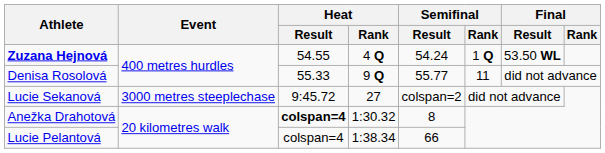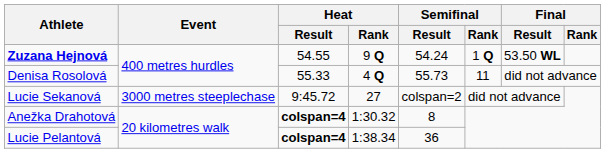 <table class="wikitable" style="font-size:90%">
 <tr>
 <th rowspan="2">Athlete</th>
 <th rowspan="2">Event</th>
 <th colspan="2">Heat</th>
 <th colspan="2">Semifinal</th>
 <th colspan="2">Final</th>
 </tr>
 <tr style="font-size:95%">
 <th>Result</th>
 <th>Rank</th>
 <th>Result</th>
 <th>Rank</th>
 <th>Result</th>
 <th>Rank</th>
 </tr>
 <tr style=text-align:center>
 <td style=text-align:left><strong><a href='#'>Zuzana Hejnová</a></strong></td>
 <td style=text-align:left rowspan=2><a href='#'>400 metres hurdles</a></td>
 <td>54.55</td>
-<td>4 <strong>Q</strong></td>
+<td>9 <strong>Q</strong></td>
 <td>54.24</td>
 <td>1 <strong>Q</strong></td>
 <td>53.50 <strong>WL</strong></td>
 <td></td>
 </tr>
 <tr style=text-align:center>
 <td style=text-align:left><a href='#'>Denisa Rosolová</a></td>
 <td>55.33</td>
-<td>9 <strong>Q</strong></td>
-<td>55.77</td>
+<td>4 <strong>Q</strong></td>
+<td>55.73</td>
 <td>11</td>
 <td colspan=2>did not advance</td>
 </tr>
 <tr style=text-align:center>
 <td style=text-align:left><a href='#'>Lucie Sekanová</a></td>
 <td style=text-align:left><a href='#'>3000 metres steeplechase</a></td>
 <td>9:45.72</td>
 <td>27</td>
 <td>colspan=2 </td>
 <td colspan=2>did not advance</td>
 </tr>
 <tr style=text-align:center>
 <td style=text-align:left><a href='#'>Anežka Drahotová</a></td>
 <td style=text-align:left rowspan=2><a href='#'>20 kilometres walk</a></td>
 <td><strong>colspan=4 </strong></td>
 <td>1:30.32</td>
 <td>8</td>
 </tr>
 <tr style=text-align:center>
 <td style=text-align:left><a href='#'>Lucie Pelantová</a></td>
-<td>colspan=4 </td>
+<td><strong>colspan=4 </strong></td>
 <td>1:38.34</td>
-<td>66</td>
+<td>36</td>
 </tr>
 </table>
